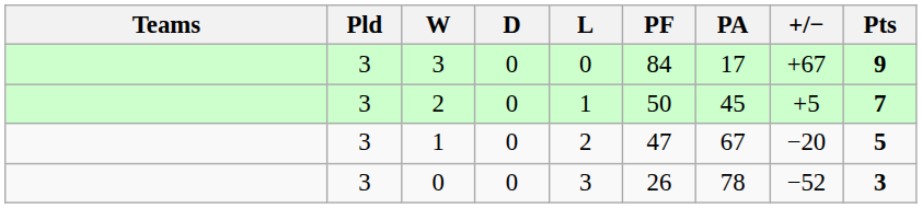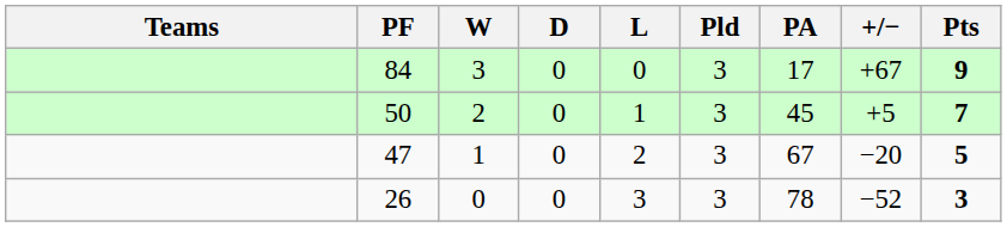 <table class="wikitable" style="text-align: center;">
 <tr>
 <th width="200">Teams</th>
-<th width="40">Pld</th>
+<th width="40">PF</th>
 <th width="40">W</th>
 <th width="40">D</th>
 <th width="40">L</th>
-<th width="40">PF</th>
+<th width="40">Pld</th>
 <th width="40">PA</th>
 <th width="40">+/−</th>
 <th width="40">Pts</th>
 </tr>
 <tr bgcolor=ccffcc>
 <td align=left></td>
-<td>3</td>
+<td>84</td>
 <td>3</td>
 <td>0</td>
 <td>0</td>
-<td>84</td>
+<td>3</td>
 <td>17</td>
 <td>+67</td>
 <td><strong>9</strong></td>
 </tr>
 <tr bgcolor=ccffcc>
 <td align=left></td>
-<td>3</td>
+<td>50</td>
 <td>2</td>
 <td>0</td>
 <td>1</td>
-<td>50</td>
+<td>3</td>
 <td>45</td>
 <td>+5</td>
 <td><strong>7</strong></td>
 </tr>
 <tr>
 <td align=left></td>
-<td>3</td>
+<td>47</td>
 <td>1</td>
 <td>0</td>
 <td>2</td>
-<td>47</td>
+<td>3</td>
 <td>67</td>
 <td>−20</td>
 <td><strong>5</strong></td>
 </tr>
 <tr>
 <td align=left></td>
-<td>3</td>
+<td>26</td>
 <td>0</td>
 <td>0</td>
 <td>3</td>
-<td>26</td>
+<td>3</td>
 <td>78</td>
 <td>−52</td>
 <td><strong>3</strong></td>
 </tr>
 </table>
